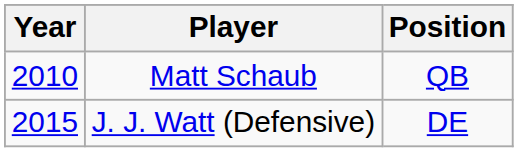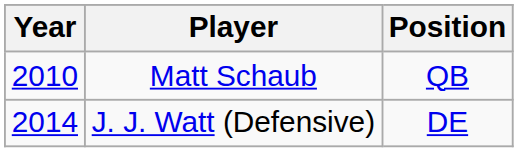 <table class="wikitable" style="text-align:center">
 <tr bgcolor="#efefef">
 <th>Year</th>
 <th>Player</th>
 <th>Position</th>
 </tr>
 <tr>
 <td><a href='#'>2010</a></td>
 <td><a href='#'>Matt Schaub</a></td>
 <td><a href='#'>QB</a></td>
 </tr>
 <tr>
-<td><a href='#'>2015</a></td>
+<td><a href='#'>2014</a></td>
 <td><a href='#'>J. J. Watt</a> (Defensive)</td>
 <td><a href='#'>DE</a></td>
 </tr>
 </table>
